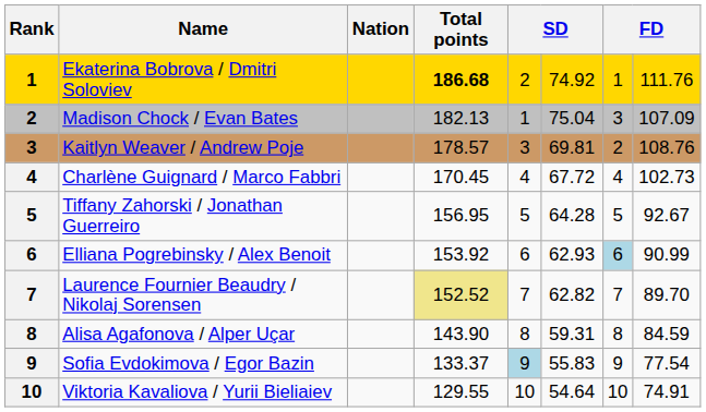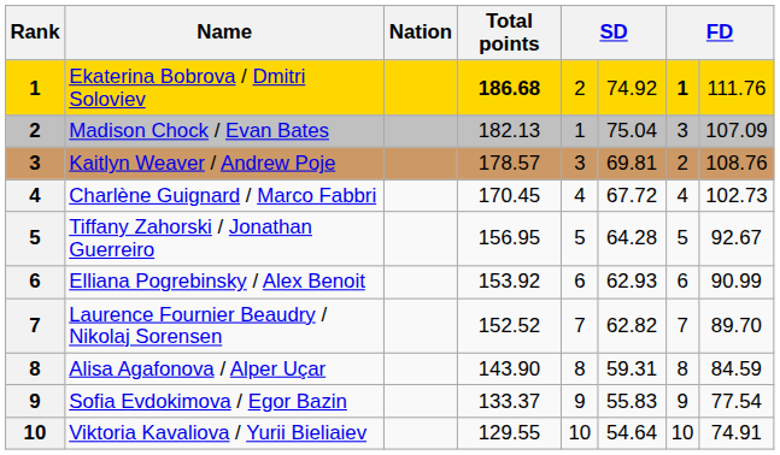 <table class="wikitable sortable">
 <tr>
 <th>Rank</th>
 <th>Name</th>
 <th>Nation</th>
 <th>Total points</th>
 <th colspan="2" width="80px"><a href='#'>SD</a></th>
 <th colspan="2" width="80px"><a href='#'>FD</a></th>
 </tr>
 <tr bgcolor="gold">
 <td align="center"><strong>1</strong></td>
 <td><a href='#'>Ekaterina Bobrova</a> / <a href='#'>Dmitri Soloviev</a></td>
 <td></td>
 <td align="center"><strong>186.68</strong></td>
 <td align="center">2</td>
 <td align="center">74.92</td>
-<td align="center">1</td>
+<td align="center"><strong>1</strong></td>
 <td align="center">111.76</td>
 </tr>
 <tr bgcolor="silver">
 <td align="center"><strong>2</strong></td>
 <td><a href='#'>Madison Chock</a> / <a href='#'>Evan Bates</a></td>
 <td></td>
 <td align="center">182.13</td>
 <td align="center">1</td>
 <td align="center">75.04</td>
 <td align="center">3</td>
 <td align="center">107.09</td>
 </tr>
 <tr bgcolor="cc9966">
 <td align="center"><strong>3</strong></td>
 <td><a href='#'>Kaitlyn Weaver</a> / <a href='#'>Andrew Poje</a></td>
 <td></td>
 <td align="center">178.57</td>
 <td align="center">3</td>
 <td align="center">69.81</td>
 <td align="center">2</td>
 <td align="center">108.76</td>
 </tr>
 <tr>
 <th>4</th>
 <td><a href='#'>Charlène Guignard</a> / <a href='#'>Marco Fabbri</a></td>
 <td></td>
 <td align="center">170.45</td>
 <td align="center">4</td>
 <td align="center">67.72</td>
 <td align="center">4</td>
 <td align="center">102.73</td>
 </tr>
 <tr>
 <th>5</th>
 <td><a href='#'>Tiffany Zahorski</a> / <a href='#'>Jonathan Guerreiro</a></td>
 <td></td>
 <td align="center">156.95</td>
 <td align="center">5</td>
 <td align="center">64.28</td>
 <td align="center">5</td>
 <td align="center">92.67</td>
 </tr>
 <tr>
 <th>6</th>
 <td><a href='#'>Elliana Pogrebinsky</a> / <a href='#'>Alex Benoit</a></td>
 <td></td>
 <td align="center">153.92</td>
 <td align="center">6</td>
 <td align="center">62.93</td>
-<td align="center" style="background: lightblue;">6</td>
+<td align="center">6</td>
 <td align="center">90.99</td>
 </tr>
 <tr>
 <th>7</th>
 <td><a href='#'>Laurence Fournier Beaudry</a> / <a href='#'>Nikolaj Sorensen</a></td>
 <td></td>
-<td align="center" style="background: khaki;">152.52</td>
+<td align="center">152.52</td>
 <td align="center">7</td>
 <td align="center">62.82</td>
 <td align="center">7</td>
 <td align="center">89.70</td>
 </tr>
 <tr>
 <th>8</th>
 <td><a href='#'>Alisa Agafonova</a> / <a href='#'>Alper Uçar</a></td>
 <td></td>
 <td align="center">143.90</td>
 <td align="center">8</td>
 <td align="center">59.31</td>
 <td align="center">8</td>
 <td align="center">84.59</td>
 </tr>
 <tr>
 <th>9</th>
 <td><a href='#'>Sofia Evdokimova</a> / <a href='#'>Egor Bazin</a></td>
 <td></td>
 <td align="center">133.37</td>
-<td align="center" style="background: lightblue;">9</td>
+<td align="center">9</td>
 <td align="center">55.83</td>
 <td align="center">9</td>
 <td align="center">77.54</td>
 </tr>
 <tr>
 <th>10</th>
 <td><a href='#'>Viktoria Kavaliova</a> / <a href='#'>Yurii Bieliaiev</a></td>
 <td></td>
 <td align="center">129.55</td>
 <td align="center">10</td>
 <td align="center">54.64</td>
 <td align="center">10</td>
 <td align="center">74.91</td>
 </tr>
 </table>
